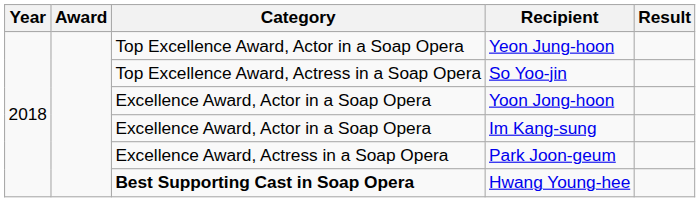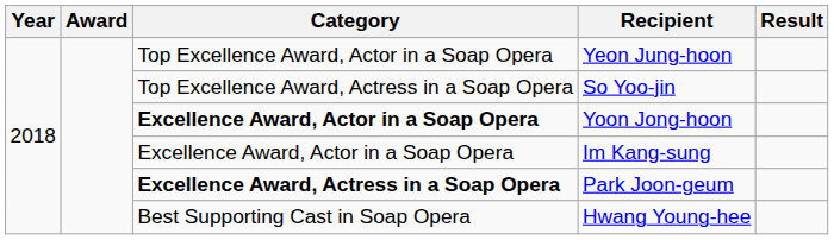 <table class="wikitable">
 <tr>
 <th>Year</th>
 <th>Award</th>
 <th>Category</th>
 <th>Recipient</th>
 <th>Result</th>
 </tr>
 <tr>
 <td rowspan=6>2018</td>
 <td rowspan=6></td>
 <td>Top Excellence Award, Actor in a Soap Opera</td>
 <td><a href='#'>Yeon Jung-hoon</a></td>
 <td></td>
 </tr>
 <tr>
 <td>Top Excellence Award, Actress in a Soap Opera</td>
 <td><a href='#'>So Yoo-jin</a></td>
 <td></td>
 </tr>
 <tr>
-<td>Excellence Award, Actor in a Soap Opera</td>
+<td><strong>Excellence Award, Actor in a Soap Opera</strong></td>
 <td><a href='#'>Yoon Jong-hoon</a></td>
 <td></td>
 </tr>
 <tr>
 <td>Excellence Award, Actor in a Soap Opera</td>
 <td><a href='#'>Im Kang-sung</a></td>
 <td></td>
 </tr>
 <tr>
-<td>Excellence Award, Actress in a Soap Opera</td>
+<td><strong>Excellence Award, Actress in a Soap Opera</strong></td>
 <td><a href='#'>Park Joon-geum</a></td>
 <td></td>
 </tr>
 <tr>
-<td><strong>Best Supporting Cast in Soap Opera</strong></td>
+<td>Best Supporting Cast in Soap Opera</td>
 <td><a href='#'>Hwang Young-hee</a></td>
 <td></td>
 </tr>
 </table>
